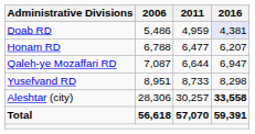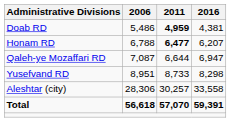 <table class="wikitable">
 <tr>
 <th>Administrative Divisions</th>
 <th>2006</th>
 <th>2011</th>
 <th>2016</th>
 </tr>
 <tr>
 <td><a href='#'>Doab RD</a></td>
 <td style="text-align: right;">5,486</td>
-<td style="text-align: right;">4,959</td>
-<td style="background: lavender; text-align: right;">4,381</td>
+<td style="text-align: right;"><strong>4,959</strong></td>
+<td style="text-align: right;">4,381</td>
 </tr>
 <tr>
 <td><a href='#'>Honam RD</a></td>
 <td style="text-align: right;">6,788</td>
-<td style="text-align: right;">6,477</td>
+<td style="text-align: right;"><strong>6,477</strong></td>
 <td style="text-align: right;">6,207</td>
 </tr>
 <tr>
 <td><a href='#'>Qaleh-ye Mozaffari RD</a></td>
 <td style="text-align: right;">7,087</td>
 <td style="text-align: right;">6,644</td>
 <td style="text-align: right;">6,947</td>
 </tr>
 <tr>
 <td><a href='#'>Yusefvand RD</a></td>
 <td style="text-align: right;">8,951</td>
 <td style="text-align: right;">8,733</td>
 <td style="text-align: right;">8,298</td>
 </tr>
 <tr>
 <td><a href='#'>Aleshtar</a> (city)</td>
 <td style="text-align: right;">28,306</td>
 <td style="text-align: right;">30,257</td>
-<td style="text-align: right;"><strong>33,558</strong></td>
+<td style="text-align: right;">33,558</td>
 </tr>
 <tr>
 <td><strong>Total</strong></td>
 <td style="text-align: right;"><strong>56,618</strong></td>
 <td style="text-align: right;"><strong>57,070</strong></td>
 <td style="text-align: right;"><strong>59,391</strong></td>
 </tr>
 <tr>
 <td colspan=4></td>
 </tr>
 </table>
